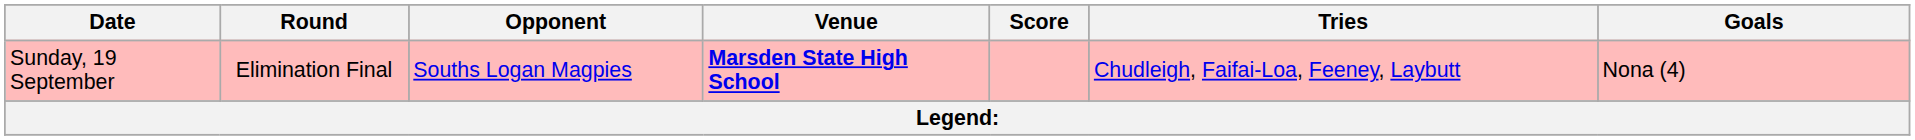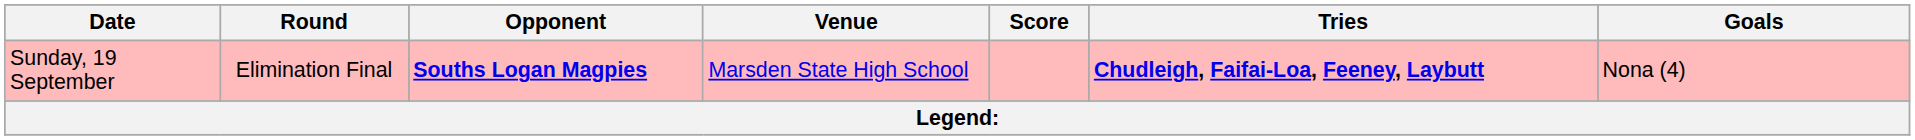 <table class="wikitable" style="font-size:75%;">
 <tr>
 <th style="width:115px;">Date</th>
 <th style="width:100px;">Round</th>
 <th style="width:160px;">Opponent</th>
 <th style="width:155px;">Venue</th>
 <th style="width:50px;">Score</th>
 <th style="width:280px;">Tries</th>
 <th style="width:170px;">Goals</th>
 </tr>
 <tr style="background:#FFBBBB">
 <td>Sunday, 19 September</td>
 <td style="text-align:center;">Elimination Final</td>
-<td> <a href='#'>Souths Logan Magpies</a></td>
-<td><strong><a href='#'>Marsden State High School</a></strong></td>
+<td><strong> <a href='#'>Souths Logan Magpies</a></strong></td>
+<td><a href='#'>Marsden State High School</a></td>
 <td style="text-align:center;"></td>
-<td><a href='#'>Chudleigh</a>, <a href='#'>Faifai-Loa</a>, <a href='#'>Feeney</a>, <a href='#'>Laybutt</a></td>
+<td><strong><a href='#'>Chudleigh</a>, <a href='#'>Faifai-Loa</a>, <a href='#'>Feeney</a>, <a href='#'>Laybutt</a></strong></td>
 <td>Nona (4)</td>
 </tr>
 <tr>
 <th colspan="11"><strong>Legend</strong>:    </th>
 </tr>
 </table>
